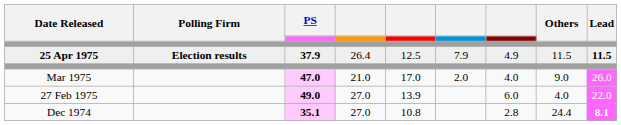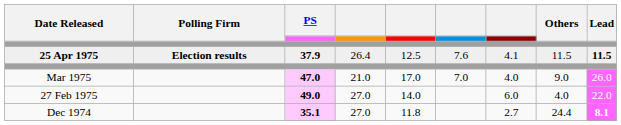 <table class="wikitable" style="text-align:center; font-size:95%; line-height:16px;">
 <tr style="height:42px;">
 <th style="width:165px;" rowspan="2">Date Released</th>
 <th style="width:195px;" rowspan="2">Polling Firm</th>
 <th><a href='#'>PS</a></th>
 <th></th>
 <th></th>
 <th></th>
 <th></th>
 <th style="width:60px;" rowspan="2">Others</th>
 <th style="width:25px;" rowspan="2">Lead</th>
 </tr>
 <tr>
 <th style="color:inherit;background:#FF66FF; width:60px;"></th>
 <th style="color:inherit;background:#FF9900; width:60px;"></th>
 <th style="color:inherit;background:red; width:60px;"></th>
 <th style="color:inherit;background:#0093DD; width:60px;"></th>
 <th style="color:inherit;background:darkRed; width:60px;"></th>
 </tr>
 <tr>
 <td colspan="9" style="background:#A0A0A0"></td>
 </tr>
 <tr style="background:#EFEFEF;">
 <td data-sort-value="2019-10-06"><strong>25 Apr 1975</strong></td>
 <td><strong>Election results</strong></td>
 <td><strong>37.9</strong></td>
 <td>26.4</td>
 <td>12.5</td>
-<td>7.9</td>
-<td>4.9</td>
+<td>7.6</td>
+<td>4.1</td>
 <td>11.5</td>
 <td style="background:"><strong>11.5</strong></td>
 </tr>
 <tr>
 <td colspan="9" style="background:#A0A0A0"></td>
 </tr>
 <tr>
 <td align="center">Mar 1975</td>
 <td align="center"></td>
 <td align="center" style="background:#FFCBFF"><strong>47.0</strong></td>
 <td align="center">21.0</td>
 <td align="center">17.0</td>
-<td align="center">2.0</td>
+<td align="center">7.0</td>
 <td align="center">4.0</td>
 <td align="center">9.0</td>
 <td style="background:#FF66FF; color:white">26.0</td>
 </tr>
 <tr>
 <td align="center">27 Feb 1975</td>
 <td align="center"></td>
 <td align="center" style="background:#FFCBFF"><strong>49.0</strong></td>
 <td align="center">27.0</td>
-<td align="center">13.9</td>
+<td align="center">14.0</td>
 <td></td>
 <td align="center">6.0</td>
 <td align="center">4.0</td>
 <td style="background:#FF66FF; color:white">22.0</td>
 </tr>
 <tr>
 <td align="center">Dec 1974</td>
 <td align="center"></td>
 <td align="center" style="background:#FFCBFF"><strong>35.1</strong></td>
 <td align="center">27.0</td>
-<td align="center">10.8</td>
+<td align="center">11.8</td>
 <td></td>
-<td align="center">2.8</td>
+<td align="center">2.7</td>
 <td align="center">24.4</td>
 <td style="background:#FF66FF; color:white"><strong>8.1</strong></td>
 </tr>
 </table>
